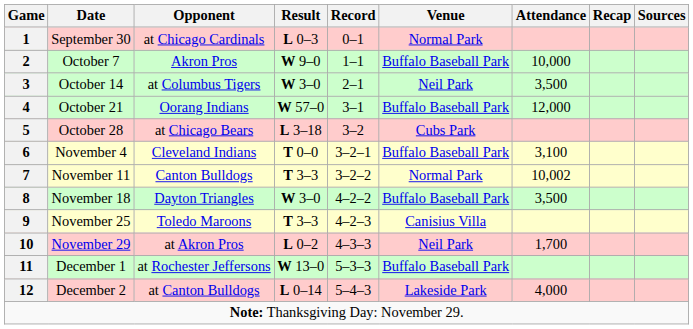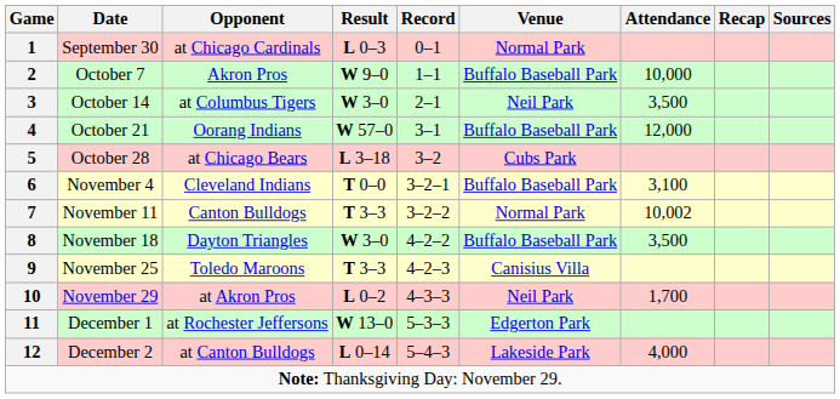 <table class="wikitable" style="text-align:center">
 <tr>
 <th>Game</th>
 <th>Date</th>
 <th>Opponent</th>
 <th>Result</th>
 <th>Record</th>
 <th>Venue</th>
 <th>Attendance</th>
 <th>Recap</th>
 <th>Sources</th>
 </tr>
 <tr style="background:#fcc">
 <th>1</th>
 <td>September 30</td>
 <td>at <a href='#'>Chicago Cardinals</a></td>
 <td><strong>L</strong> 0–3</td>
 <td>0–1</td>
 <td><a href='#'>Normal Park</a></td>
 <td></td>
 <td></td>
 <td></td>
 </tr>
 <tr style="background:#cfc">
 <th>2</th>
 <td>October 7</td>
 <td><a href='#'>Akron Pros</a></td>
 <td><strong>W</strong> 9–0</td>
 <td>1–1</td>
 <td><a href='#'>Buffalo Baseball Park</a></td>
 <td>10,000</td>
 <td></td>
 <td></td>
 </tr>
 <tr style="background:#cfc">
 <th>3</th>
 <td>October 14</td>
 <td>at <a href='#'>Columbus Tigers</a></td>
 <td><strong>W</strong> 3–0</td>
 <td>2–1</td>
 <td><a href='#'>Neil Park</a></td>
 <td>3,500</td>
 <td></td>
 <td></td>
 </tr>
 <tr style="background:#cfc">
 <th>4</th>
 <td>October 21</td>
 <td><a href='#'>Oorang Indians</a></td>
 <td><strong>W</strong> 57–0</td>
 <td>3–1</td>
 <td><a href='#'>Buffalo Baseball Park</a></td>
 <td>12,000</td>
 <td></td>
 <td></td>
 </tr>
 <tr style="background:#fcc">
 <th>5</th>
 <td>October 28</td>
 <td>at <a href='#'>Chicago Bears</a></td>
 <td><strong>L</strong> 3–18</td>
 <td>3–2</td>
 <td><a href='#'>Cubs Park</a></td>
 <td></td>
 <td></td>
 <td></td>
 </tr>
 <tr style="background:#ffc">
 <th>6</th>
 <td>November 4</td>
 <td><a href='#'>Cleveland Indians</a></td>
 <td><strong>T</strong> 0–0</td>
 <td>3–2–1</td>
 <td><a href='#'>Buffalo Baseball Park</a></td>
 <td>3,100</td>
 <td></td>
 <td></td>
 </tr>
 <tr style="background:#ffc">
 <th>7</th>
 <td>November 11</td>
 <td><a href='#'>Canton Bulldogs</a></td>
 <td><strong>T</strong> 3–3</td>
 <td>3–2–2</td>
 <td><a href='#'>Normal Park</a></td>
 <td>10,002</td>
 <td></td>
 <td></td>
 </tr>
 <tr style="background:#cfc">
 <th>8</th>
 <td>November 18</td>
 <td><a href='#'>Dayton Triangles</a></td>
 <td><strong>W</strong> 3–0</td>
 <td>4–2–2</td>
 <td><a href='#'>Buffalo Baseball Park</a></td>
 <td>3,500</td>
 <td></td>
 <td></td>
 </tr>
 <tr style="background: #ffc">
 <th>9</th>
 <td>November 25</td>
 <td><a href='#'>Toledo Maroons</a></td>
 <td><strong>T</strong> 3–3</td>
 <td>4–2–3</td>
 <td><a href='#'>Canisius Villa</a></td>
 <td></td>
 <td></td>
 <td></td>
 </tr>
 <tr style="background:#fcc">
 <th>10</th>
 <td><a href='#'>November 29</a></td>
 <td>at <a href='#'>Akron Pros</a></td>
 <td><strong>L</strong> 0–2</td>
 <td>4–3–3</td>
 <td><a href='#'>Neil Park</a></td>
 <td>1,700</td>
 <td></td>
 <td></td>
 </tr>
 <tr style="background:#cfc">
 <th>11</th>
 <td>December 1</td>
 <td>at <a href='#'>Rochester Jeffersons</a></td>
 <td><strong>W</strong> 13–0</td>
 <td>5–3–3</td>
-<td><a href='#'>Buffalo Baseball Park</a></td>
+<td><a href='#'>Edgerton Park</a></td>
 <td></td>
 <td></td>
 <td></td>
 </tr>
 <tr style="background:#fcc">
 <th>12</th>
 <td>December 2</td>
 <td>at <a href='#'>Canton Bulldogs</a></td>
 <td><strong>L</strong> 0–14</td>
 <td>5–4–3</td>
 <td><a href='#'>Lakeside Park</a></td>
 <td>4,000</td>
 <td></td>
 <td></td>
 </tr>
 <tr>
 <td colspan="10"><strong>Note:</strong> Thanksgiving Day: November 29.</td>
 </tr>
 </table>
